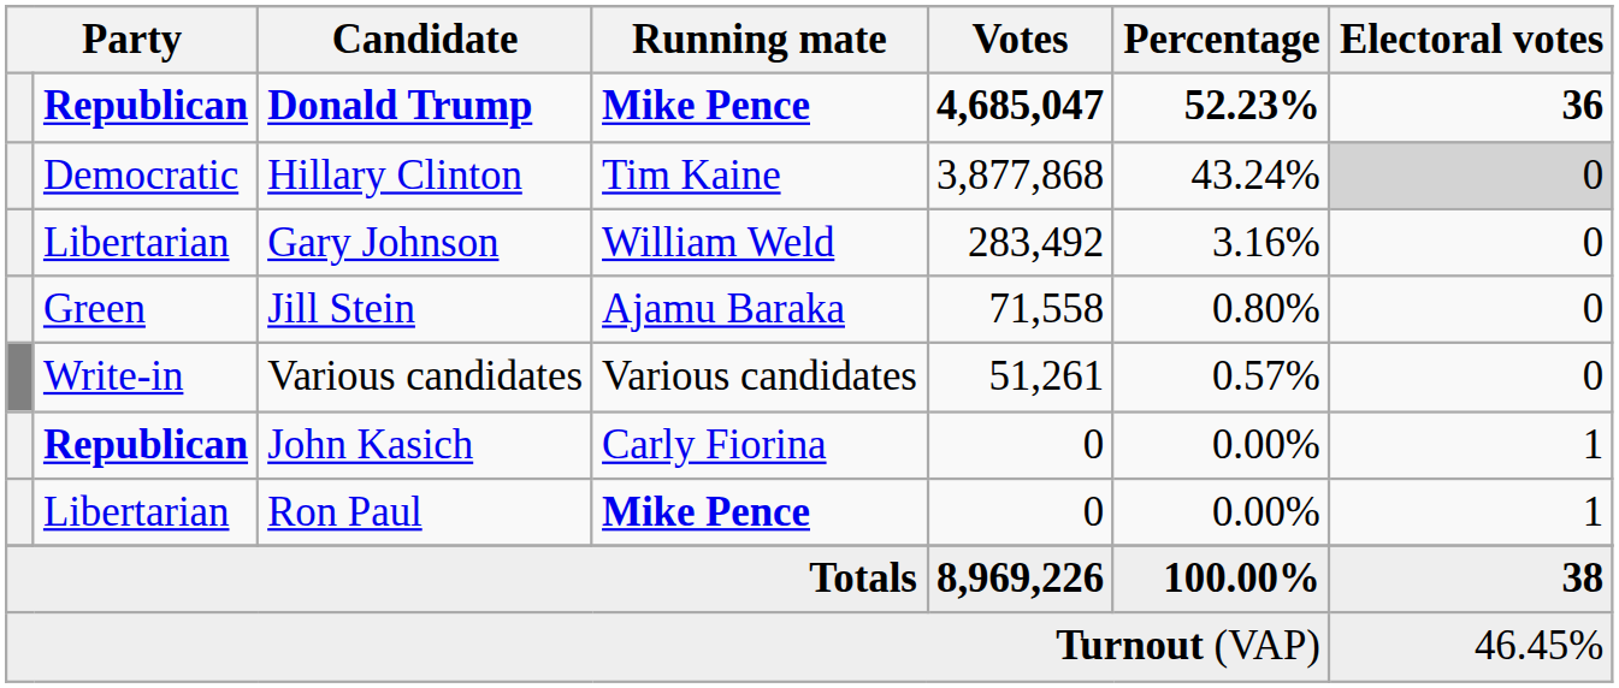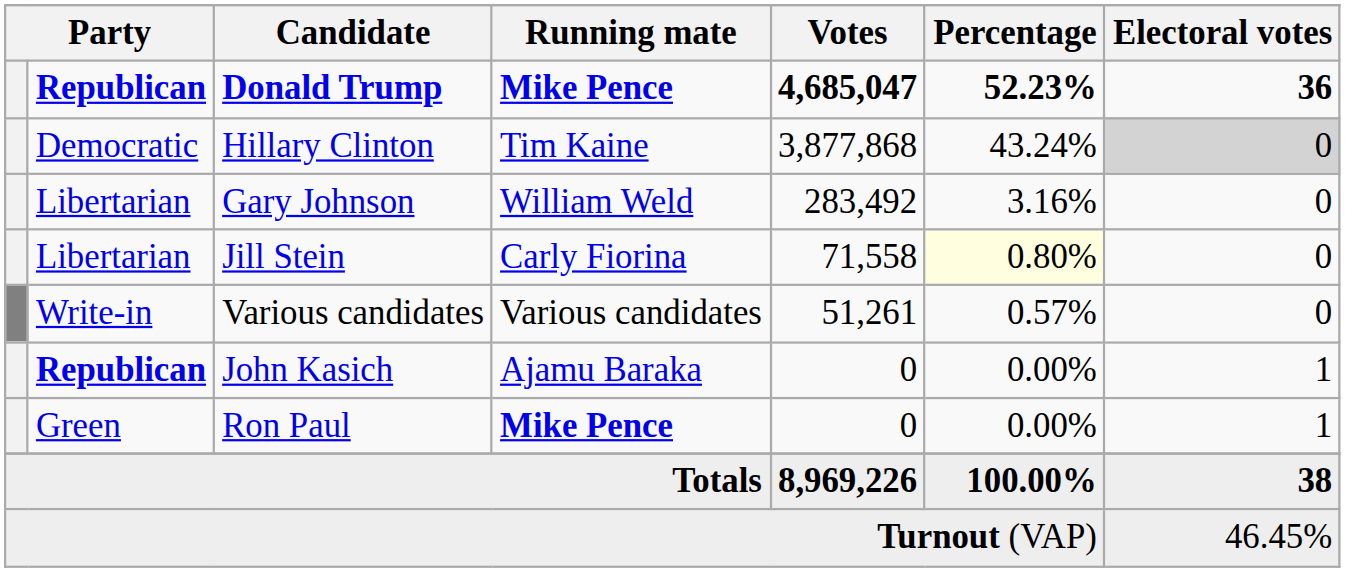 <table class="wikitable" style="font-size: 98%;">
 <tr>
 </tr>
 <tr>
 <th colspan="2">Party</th>
 <th>Candidate</th>
 <th>Running mate</th>
 <th>Votes</th>
 <th>Percentage</th>
 <th>Electoral votes</th>
 </tr>
 <tr>
 <th style="background:"></th>
 <td><strong><a href='#'>Republican</a></strong></td>
 <td><strong><a href='#'>Donald Trump</a></strong></td>
 <td><strong><a href='#'>Mike Pence</a></strong></td>
 <td style="text-align:right;"><strong>4,685,047</strong></td>
 <td style="text-align:right;"><strong>52.23%</strong></td>
 <td style="text-align:right;"><strong>36</strong></td>
 </tr>
 <tr>
 <th style="background:"></th>
 <td><a href='#'>Democratic</a></td>
 <td><a href='#'>Hillary Clinton</a></td>
 <td><a href='#'>Tim Kaine</a></td>
 <td style="text-align:right;">3,877,868</td>
 <td style="text-align:right;">43.24%</td>
 <td style="background: lightgrey; text-align:right;">0</td>
 </tr>
 <tr>
 <th style="background:"></th>
 <td><a href='#'>Libertarian</a></td>
 <td><a href='#'>Gary Johnson</a></td>
 <td><a href='#'>William Weld</a></td>
 <td style="text-align:right;">283,492</td>
 <td style="text-align:right;">3.16%</td>
 <td style="text-align:right;">0</td>
 </tr>
 <tr>
 <th style="background:"></th>
-<td><a href='#'>Green</a></td>
+<td><a href='#'>Libertarian</a></td>
 <td><a href='#'>Jill Stein</a></td>
-<td><a href='#'>Ajamu Baraka</a></td>
+<td><a href='#'>Carly Fiorina</a></td>
 <td style="text-align:right;">71,558</td>
-<td style="text-align:right;">0.80%</td>
+<td style="background: lightyellow; text-align:right;">0.80%</td>
 <td style="text-align:right;">0</td>
 </tr>
 <tr>
 <th style="background:grey; width:3px;"></th>
 <td><a href='#'>Write-in</a></td>
 <td>Various candidates</td>
 <td>Various candidates</td>
 <td style="text-align:right;">51,261</td>
 <td style="text-align:right;">0.57%</td>
 <td style="text-align:right;">0</td>
 </tr>
 <tr>
 <th style="background:"></th>
 <td><strong><a href='#'>Republican</a></strong></td>
 <td><a href='#'>John Kasich</a></td>
-<td><a href='#'>Carly Fiorina</a></td>
+<td><a href='#'>Ajamu Baraka</a></td>
 <td style="text-align:right;">0</td>
 <td style="text-align:right;">0.00%</td>
 <td style="text-align:right;">1</td>
 </tr>
 <tr>
 <th style="background:"></th>
-<td><a href='#'>Libertarian</a></td>
+<td><a href='#'>Green</a></td>
 <td><a href='#'>Ron Paul</a></td>
 <td><strong><a href='#'>Mike Pence</a></strong></td>
 <td style="text-align:right;">0</td>
 <td style="text-align:right;">0.00%</td>
 <td style="text-align:right;">1</td>
 </tr>
 <tr>
 </tr>
 <tr style="background:#EEE; text-align:right;">
 <td colspan="4"><strong>Totals</strong></td>
 <td><strong>8,969,226</strong></td>
 <td><strong>100.00%</strong></td>
 <td><strong>38</strong></td>
 </tr>
 <tr style="background:#EEE; text-align:right;">
 <td colspan="6"><strong>Turnout</strong> (VAP)</td>
 <td>46.45%</td>
 </tr>
 </table>
